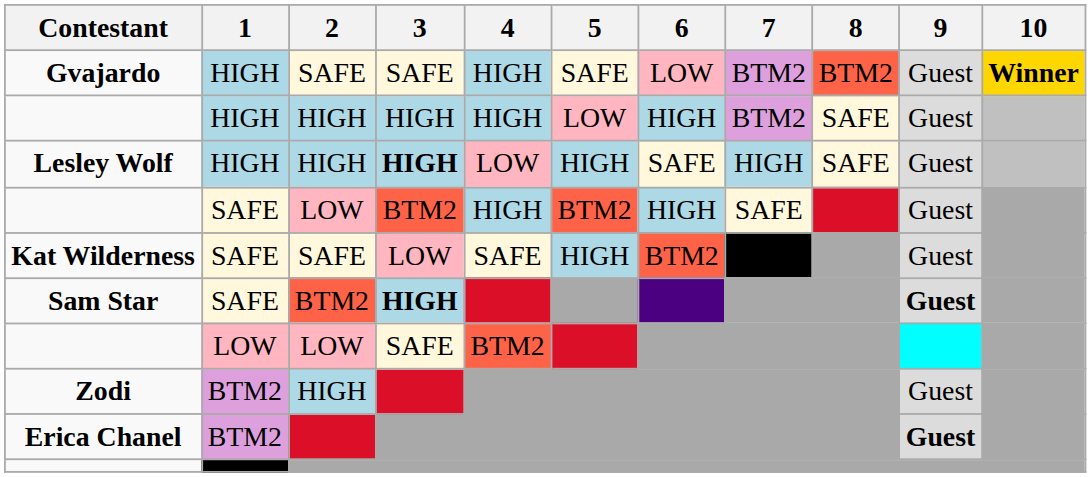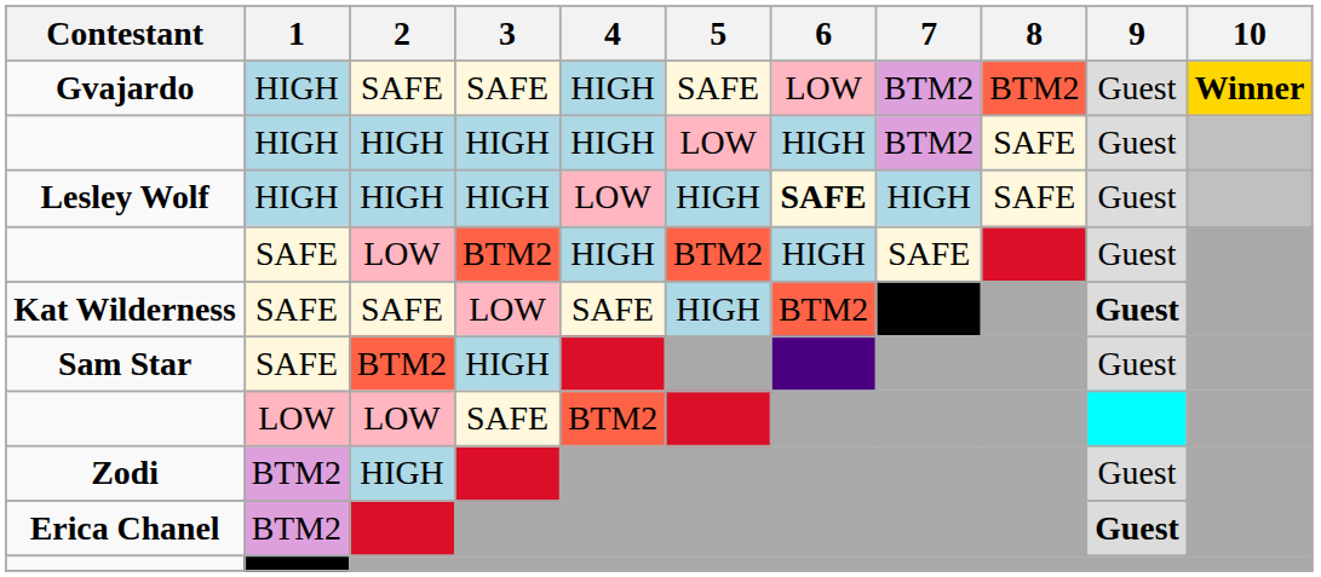 <table class="wikitable" border="2" style="text-align:center;font-size:96%">
 <tr>
 <th>Contestant</th>
 <th>1</th>
 <th>2</th>
 <th>3</th>
 <th>4</th>
 <th>5</th>
 <th>6</th>
 <th>7</th>
 <th>8</th>
 <th>9</th>
 <th>10</th>
 </tr>
 <tr>
 <td><strong>Gvajardo</strong></td>
 <td style="background:lightblue;">HIGH</td>
 <td style="background:cornsilk;">SAFE</td>
 <td style="background:cornsilk;">SAFE</td>
 <td style="background:lightblue;">HIGH</td>
 <td style="background:cornsilk;">SAFE</td>
 <td style="background:lightpink;">LOW</td>
 <td style="background:plum;">BTM2</td>
 <td style="background:tomato;">BTM2</td>
 <td bgcolor="gainsboro">Guest</td>
 <td style="background:gold;"><strong>Winner</strong></td>
 </tr>
 <tr>
 <td></td>
 <td style="background:lightblue;">HIGH</td>
 <td style="background:lightblue;">HIGH</td>
 <td style="background:lightblue;">HIGH</td>
 <td style="background:lightblue;">HIGH</td>
 <td style="background:lightpink;">LOW</td>
 <td style="background:lightblue;">HIGH</td>
 <td style="background:plum;">BTM2</td>
 <td style="background:cornsilk;">SAFE</td>
 <td bgcolor="gainsboro">Guest</td>
 <td style="background:silver;"></td>
 </tr>
 <tr>
 <td><strong>Lesley Wolf</strong></td>
 <td style="background:lightblue;">HIGH</td>
 <td style="background:lightblue;">HIGH</td>
-<td style="background:lightblue;"><strong>HIGH</strong></td>
+<td style="background:lightblue;">HIGH</td>
 <td style="background:lightpink;">LOW</td>
 <td style="background:lightblue;">HIGH</td>
-<td style="background:cornsilk;">SAFE</td>
+<td style="background:cornsilk;"><strong>SAFE</strong></td>
 <td style="background:lightblue;">HIGH</td>
 <td style="background:cornsilk;">SAFE</td>
 <td style="background:gainsboro;">Guest</td>
 <td style="background:silver;"></td>
 </tr>
 <tr>
 <td></td>
 <td style="background:cornsilk;">SAFE</td>
 <td style="background:lightpink;">LOW</td>
 <td style="background:tomato;">BTM2</td>
 <td style="background:lightblue;">HIGH</td>
 <td style="background:tomato;">BTM2</td>
 <td style="background:lightblue;">HIGH</td>
 <td style="background:cornsilk;">SAFE</td>
 <td bgcolor="#db0f27"></td>
 <td bgcolor="gainsboro">Guest</td>
 <td colspan="2" bgcolor="darkgray"></td>
 </tr>
 <tr>
 <td><strong>Kat Wilderness</strong></td>
 <td style="background:cornsilk;">SAFE</td>
 <td style="background:cornsilk;">SAFE</td>
 <td style="background:lightpink;">LOW</td>
 <td style="background:cornsilk;">SAFE</td>
 <td style="background:lightblue;">HIGH</td>
 <td style="background:tomato;">BTM2</td>
 <td style="background:black;"><strong></strong></td>
 <td colspan="1" bgcolor="darkgray"></td>
-<td bgcolor="gainsboro">Guest</td>
+<td bgcolor="gainsboro"><strong>Guest</strong></td>
 <td colspan="2" bgcolor="darkgray"></td>
 </tr>
 <tr>
 <td><strong>Sam Star</strong></td>
 <td style="background:cornsilk;">SAFE</td>
 <td style="background:tomato;">BTM2</td>
-<td style="background:lightblue;"><strong>HIGH</strong></td>
+<td style="background:lightblue;">HIGH</td>
 <td bgcolor="#db0f27"></td>
 <td colspan="1" bgcolor="darkgray"></td>
 <td style="background:indigo;"><strong></strong></td>
 <td colspan="2" bgcolor="darkgray"></td>
-<td bgcolor="gainsboro"><strong>Guest</strong></td>
+<td bgcolor="gainsboro">Guest</td>
 <td colspan="2" bgcolor="darkgray"></td>
 </tr>
 <tr>
 <td></td>
 <td style="background:lightpink;">LOW</td>
 <td style="background:lightpink;">LOW</td>
 <td style="background:cornsilk;">SAFE</td>
 <td style="background:tomato;">BTM2</td>
 <td bgcolor="#db0f27"></td>
 <td colspan="3" bgcolor="darkgray"></td>
 <td style="background:aqua;"></td>
 <td colspan="2" bgcolor="darkgray"></td>
 </tr>
 <tr>
 <td><strong>Zodi</strong></td>
 <td style="background:plum;">BTM2</td>
 <td style="background:lightblue;">HIGH</td>
 <td bgcolor="#db0f27"></td>
 <td colspan="5" bgcolor="darkgray"></td>
 <td bgcolor="gainsboro">Guest</td>
 <td colspan="2" bgcolor="darkgray"></td>
 </tr>
 <tr>
 <td><strong>Erica Chanel</strong></td>
 <td style="background:plum;">BTM2</td>
 <td bgcolor="#db0f27"></td>
 <td colspan="6" bgcolor="darkgray"></td>
 <td bgcolor="gainsboro"><strong>Guest</strong></td>
 <td colspan="2" bgcolor="darkgray"></td>
 </tr>
 <tr>
 <td></td>
 <td style="background:black;"><strong></strong></td>
 <td colspan="9" bgcolor="darkgray"></td>
 </tr>
 </table>
